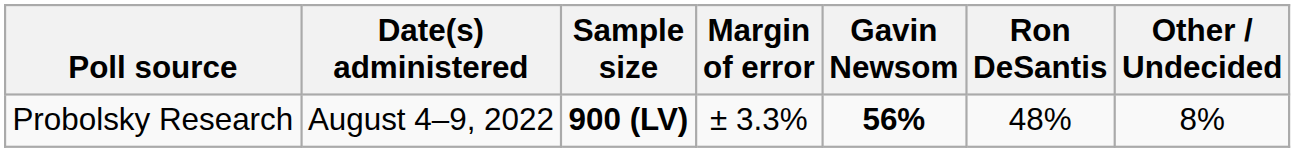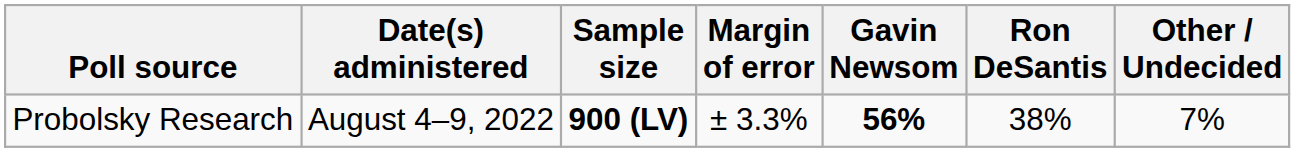 <table class="wikitable sortable mw-datatable" style="font-size:90%;text-align:center;line-height:17px">
 <tr valign=bottom>
 <th>Poll source</th>
 <th>Date(s)<br>administered</th>
 <th>Sample<br>size</th>
 <th>Margin<br>of error</th>
 <th class="unsortable">Gavin<br>Newsom<br></th>
 <th class="unsortable">Ron<br>DeSantis<br></th>
 <th class="unsortable">Other /<br>Undecided</th>
 </tr>
 <tr>
 <td style="text-align:left;">Probolsky Research</td>
 <td data-sort-value="2022-08-09">August 4–9, 2022</td>
 <td><strong>900 (LV)</strong></td>
 <td>± 3.3%</td>
 <td style="color:black;background-color:"><strong>56%</strong></td>
-<td>48%</td>
-<td>8%</td>
+<td>38%</td>
+<td>7%</td>
 </tr>
 </table>
